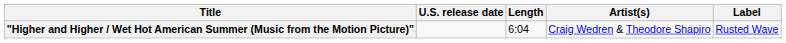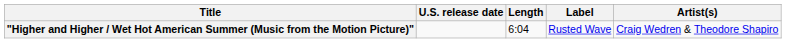 <table class="wikitable" style="text-align: center;">
 <tr>
 <th scope="col">Title</th>
 <th scope="col">U.S. release date</th>
 <th scope="col">Length</th>
+<th scope="col">Label</th>
 <th scope="col">Artist(s)</th>
-<th scope="col">Label</th>
 </tr>
 <tr>
 <th scope="row" style="text-align: left;">"Higher and Higher / Wet Hot American Summer (Music from the Motion Picture)"</th>
 <td style="text-align: left;"></td>
 <td style="text-align: left;">6:04</td>
+<td><a href='#'>Rusted Wave</a></td>
 <td><a href='#'>Craig Wedren</a> & <a href='#'>Theodore Shapiro</a></td>
-<td><a href='#'>Rusted Wave</a></td>
 </tr>
 </table>
